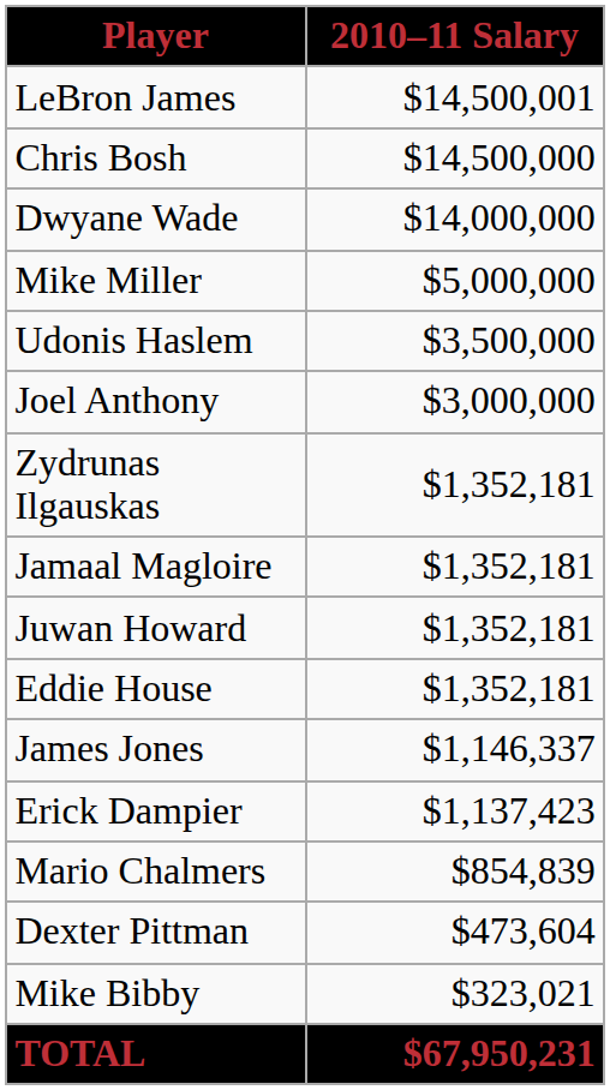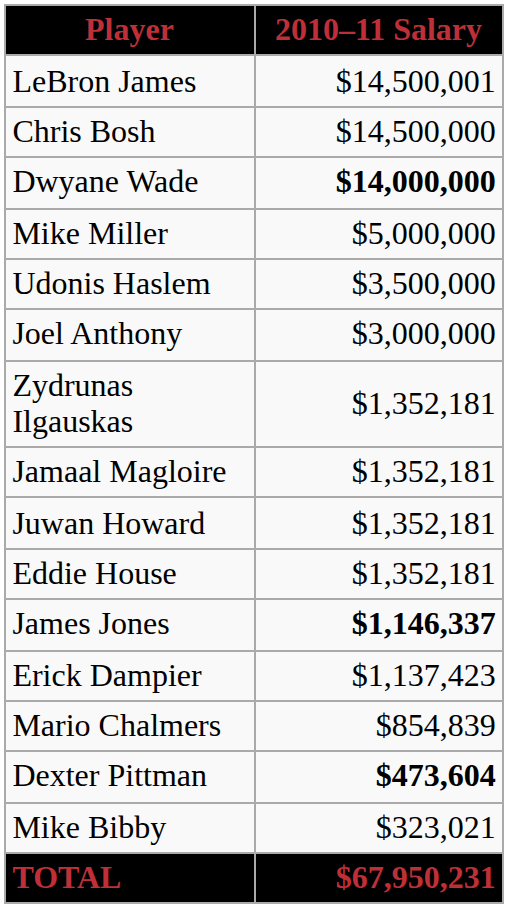 <table style="width:250px;" class="wikitable sortable sortable">
 <tr>
 <th style="background:#000; color:#bf2f38; width:50%;">Player</th>
 <th style="background:#000; color:#bf2f38; width:50%;">2010–11 Salary</th>
 </tr>
 <tr>
 <td>LeBron James</td>
 <td style="text-align:right;">$14,500,001</td>
 </tr>
 <tr>
 <td>Chris Bosh</td>
 <td style="text-align:right;">$14,500,000</td>
 </tr>
 <tr>
 <td>Dwyane Wade</td>
-<td style="text-align:right;">$14,000,000</td>
+<td style="text-align:right;"><strong>$14,000,000</strong></td>
 </tr>
 <tr>
 <td>Mike Miller</td>
 <td style="text-align:right;">$5,000,000</td>
 </tr>
 <tr>
 <td>Udonis Haslem</td>
 <td style="text-align:right;">$3,500,000</td>
 </tr>
 <tr>
 <td>Joel Anthony</td>
 <td style="text-align:right;">$3,000,000</td>
 </tr>
 <tr>
 <td>Zydrunas Ilgauskas</td>
 <td style="text-align:right;">$1,352,181</td>
 </tr>
 <tr>
 <td>Jamaal Magloire</td>
 <td style="text-align:right;">$1,352,181</td>
 </tr>
 <tr>
 <td>Juwan Howard</td>
 <td style="text-align:right;">$1,352,181</td>
 </tr>
 <tr>
 <td>Eddie House</td>
 <td style="text-align:right;">$1,352,181</td>
 </tr>
 <tr>
 <td>James Jones</td>
-<td style="text-align:right;">$1,146,337</td>
+<td style="text-align:right;"><strong>$1,146,337</strong></td>
 </tr>
 <tr>
 <td>Erick Dampier</td>
 <td style="text-align:right;">$1,137,423</td>
 </tr>
 <tr>
 <td>Mario Chalmers</td>
 <td style="text-align:right;">$854,839</td>
 </tr>
 <tr>
 <td>Dexter Pittman</td>
-<td style="text-align:right;">$473,604</td>
+<td style="text-align:right;"><strong>$473,604</strong></td>
 </tr>
 <tr>
 <td>Mike Bibby</td>
 <td style="text-align:right;">$323,021</td>
 </tr>
 <tr class="sortbottom"  style="color:#bf2f38; background:#000;">
 <td style="width:50%;"><strong>TOTAL</strong></td>
 <td style="width:50%; text-align:right;"><strong>$67,950,231</strong></td>
 </tr>
 </table>
